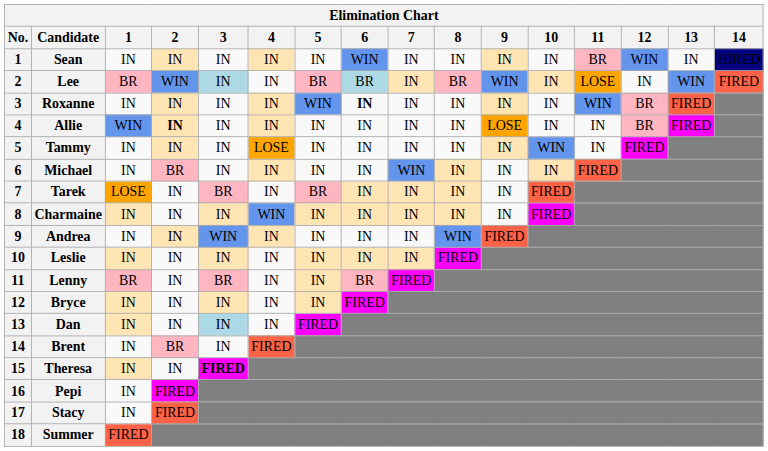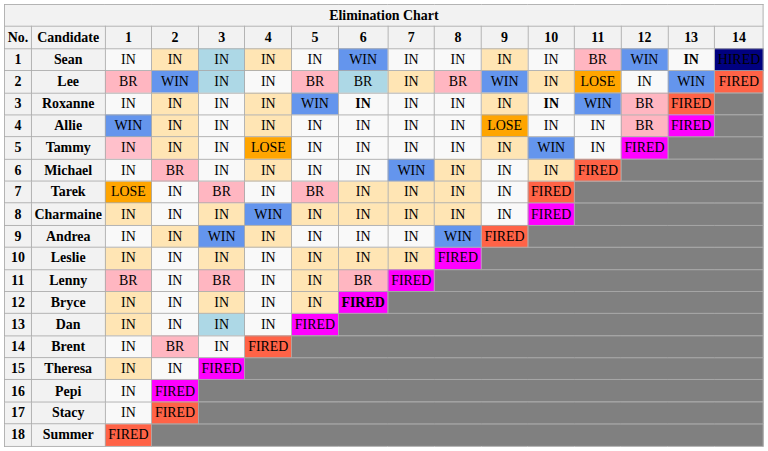 <table class="wikitable" style="text-align:center;">
 <tr>
 <th colspan="17">Elimination Chart</th>
 </tr>
 <tr>
 <th>No.</th>
 <th>Candidate</th>
 <th>1</th>
 <th>2</th>
 <th>3</th>
 <th>4</th>
 <th>5</th>
 <th>6</th>
 <th>7</th>
 <th>8</th>
 <th>9</th>
 <th>10</th>
 <th>11</th>
 <th>12</th>
 <th>13</th>
 <th>14</th>
 </tr>
 <tr>
 <th>1</th>
 <th>Sean</th>
 <td>IN</td>
 <td style="background:#ffe5b4;">IN</td>
-<td>IN</td>
+<td style="background: lightblue;">IN</td>
 <td style="background:#ffe5b4;">IN</td>
 <td>IN</td>
 <td style="background:cornflowerblue;">WIN</td>
 <td>IN</td>
 <td>IN</td>
 <td style="background:#ffe5b4;">IN</td>
 <td>IN</td>
 <td style="background:lightpink;">BR</td>
 <td style="background:cornflowerblue;">WIN</td>
-<td>IN</td>
+<td><strong>IN</strong></td>
 <td style="background:navy;"><span> HIRED </span></td>
 </tr>
 <tr>
 <th>2</th>
 <th>Lee</th>
 <td style="background:lightpink;">BR</td>
 <td style="background:cornflowerblue;">WIN</td>
 <td style="background:lightblue;">IN</td>
 <td>IN</td>
 <td style="background:lightpink;">BR</td>
 <td style="background:lightblue;">BR</td>
 <td style="background:#ffe5b4;">IN</td>
 <td style="background:lightpink;">BR</td>
 <td style="background:cornflowerblue;">WIN</td>
 <td style="background:#ffe5b4;">IN</td>
 <td style="background:orange;">LOSE</td>
 <td>IN</td>
 <td style="background:cornflowerblue;">WIN</td>
 <td style="background:tomato;">FIRED</td>
 </tr>
 <tr>
 <th>3</th>
 <th>Roxanne</th>
 <td>IN</td>
 <td style="background:#ffe5b4;">IN</td>
 <td>IN</td>
 <td style="background:#ffe5b4;">IN</td>
 <td style="background:cornflowerblue;">WIN</td>
 <td><strong>IN</strong></td>
 <td>IN</td>
 <td>IN</td>
 <td style="background:#ffe5b4;">IN</td>
-<td>IN</td>
+<td><strong>IN</strong></td>
 <td style="background:cornflowerblue;">WIN</td>
 <td style="background:lightpink;">BR</td>
 <td style="background:tomato;">FIRED</td>
 <td style="background:gray;"></td>
 </tr>
 <tr>
 <th>4</th>
 <th>Allie</th>
 <td style="background:cornflowerblue;">WIN</td>
-<td style="background:#ffe5b4;"><strong>IN</strong></td>
+<td style="background:#ffe5b4;">IN</td>
 <td>IN</td>
 <td style="background:#ffe5b4;">IN</td>
 <td>IN</td>
 <td>IN</td>
 <td>IN</td>
 <td>IN</td>
 <td style="background:orange;">LOSE</td>
 <td>IN</td>
 <td>IN</td>
 <td style="background:lightpink;">BR</td>
 <td style="background:magenta;">FIRED</td>
 <td style="background:gray;"></td>
 </tr>
 <tr>
 <th>5</th>
 <th>Tammy</th>
-<td>IN</td>
+<td style="background: pink;">IN</td>
 <td style="background:#ffe5b4;">IN</td>
 <td>IN</td>
 <td style="background:orange;">LOSE</td>
 <td>IN</td>
 <td>IN</td>
 <td>IN</td>
 <td>IN</td>
 <td style="background:#ffe5b4;">IN</td>
 <td style="background:cornflowerblue;">WIN</td>
 <td>IN</td>
 <td style="background:magenta;">FIRED</td>
 <td colspan="2" style="background:gray;"></td>
 </tr>
 <tr>
 <th>6</th>
 <th>Michael</th>
 <td>IN</td>
 <td style="background:lightpink;">BR</td>
 <td>IN</td>
 <td style="background:#ffe5b4;">IN</td>
 <td>IN</td>
 <td>IN</td>
 <td style="background:cornflowerblue;">WIN</td>
 <td style="background:#ffe5b4;">IN</td>
 <td>IN</td>
 <td style="background:#ffe5b4;">IN</td>
 <td style="background:tomato;">FIRED</td>
 <td colspan="3" style="background:gray;"></td>
 </tr>
 <tr>
 <th>7</th>
 <th>Tarek</th>
 <td style="background:orange;">LOSE</td>
 <td>IN</td>
 <td style="background:lightpink;">BR</td>
 <td>IN</td>
 <td style="background:lightpink;">BR</td>
 <td style="background:#ffe5b4;">IN</td>
 <td style="background:#ffe5b4;">IN</td>
 <td style="background:#ffe5b4;">IN</td>
 <td>IN</td>
 <td style="background:tomato;">FIRED</td>
 <td colspan="4" style="background:gray;"></td>
 </tr>
 <tr>
 <th>8</th>
 <th>Charmaine</th>
 <td style="background:#ffe5b4;">IN</td>
 <td>IN</td>
 <td style="background:#ffe5b4;">IN</td>
 <td style="background:cornflowerblue;">WIN</td>
 <td style="background:#ffe5b4;">IN</td>
 <td style="background:#ffe5b4;">IN</td>
 <td style="background:#ffe5b4;">IN</td>
 <td style="background:#ffe5b4;">IN</td>
 <td>IN</td>
 <td style="background:magenta;">FIRED</td>
 <td colspan="5" style="background:gray;"></td>
 </tr>
 <tr>
 <th>9</th>
 <th>Andrea</th>
 <td>IN</td>
 <td style="background:#ffe5b4;">IN</td>
 <td style="background:cornflowerblue;">WIN</td>
 <td style="background:#ffe5b4;">IN</td>
 <td>IN</td>
 <td>IN</td>
 <td>IN</td>
 <td style="background:cornflowerblue;">WIN</td>
 <td style="background:tomato;">FIRED</td>
 <td colspan="6" style="background:gray;"></td>
 </tr>
 <tr>
 <th>10</th>
 <th>Leslie</th>
 <td style="background:#ffe5b4;">IN</td>
 <td>IN</td>
 <td style="background:#ffe5b4;">IN</td>
 <td>IN</td>
 <td style="background:#ffe5b4;">IN</td>
 <td style="background:#ffe5b4;">IN</td>
 <td style="background:#ffe5b4;">IN</td>
 <td style="background:magenta;">FIRED</td>
 <td colspan="7" style="background:gray;"></td>
 </tr>
 <tr>
 <th>11</th>
 <th>Lenny</th>
 <td style="background:lightpink;">BR</td>
 <td>IN</td>
 <td style="background:lightpink;">BR</td>
 <td>IN</td>
 <td style="background:#ffe5b4;">IN</td>
 <td style="background:lightpink;">BR</td>
 <td style="background:magenta;">FIRED</td>
 <td colspan="8" style="background:gray;"></td>
 </tr>
 <tr>
 <th>12</th>
 <th>Bryce</th>
 <td style="background:#ffe5b4;">IN</td>
 <td>IN</td>
 <td style="background:#ffe5b4;">IN</td>
 <td>IN</td>
 <td style="background:#ffe5b4;">IN</td>
-<td style="background:magenta;">FIRED</td>
+<td style="background:magenta;"><strong>FIRED</strong></td>
 <td colspan="9" style="background:gray;"></td>
 </tr>
 <tr>
 <th>13</th>
 <th>Dan</th>
 <td style="background:#ffe5b4;">IN</td>
 <td>IN</td>
 <td style="background:lightblue;">IN</td>
 <td>IN</td>
 <td style="background:magenta;">FIRED</td>
 <td colspan="10" style="background:gray;"></td>
 </tr>
 <tr>
 <th>14</th>
 <th>Brent</th>
 <td>IN</td>
 <td style="background:lightpink;">BR</td>
 <td>IN</td>
 <td style="background:tomato;">FIRED</td>
 <td colspan="11" style="background:gray;"></td>
 </tr>
 <tr>
 <th>15</th>
 <th>Theresa</th>
 <td style="background:#ffe5b4;">IN</td>
 <td>IN</td>
-<td style="background:magenta;"><strong>FIRED</strong></td>
+<td style="background:magenta;">FIRED</td>
 <td colspan="12" style="background:gray;"></td>
 </tr>
 <tr>
 <th>16</th>
 <th>Pepi</th>
 <td>IN</td>
 <td style="background:magenta;">FIRED</td>
 <td colspan="13" style="background:gray;"></td>
 </tr>
 <tr>
 <th>17</th>
 <th>Stacy</th>
 <td>IN</td>
 <td style="background:tomato;">FIRED</td>
 <td colspan="13" style="background:gray;"></td>
 </tr>
 <tr>
 <th>18</th>
 <th>Summer</th>
 <td style="background:tomato;">FIRED</td>
 <td colspan="14" style="background:gray;"></td>
 </tr>
 </table>
